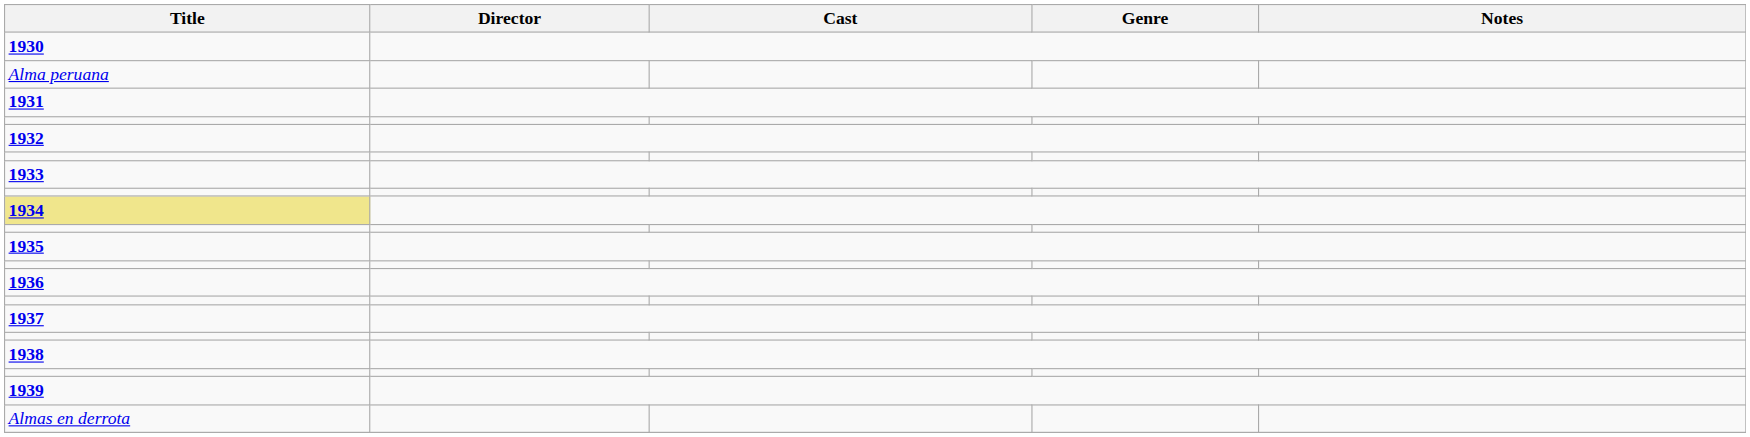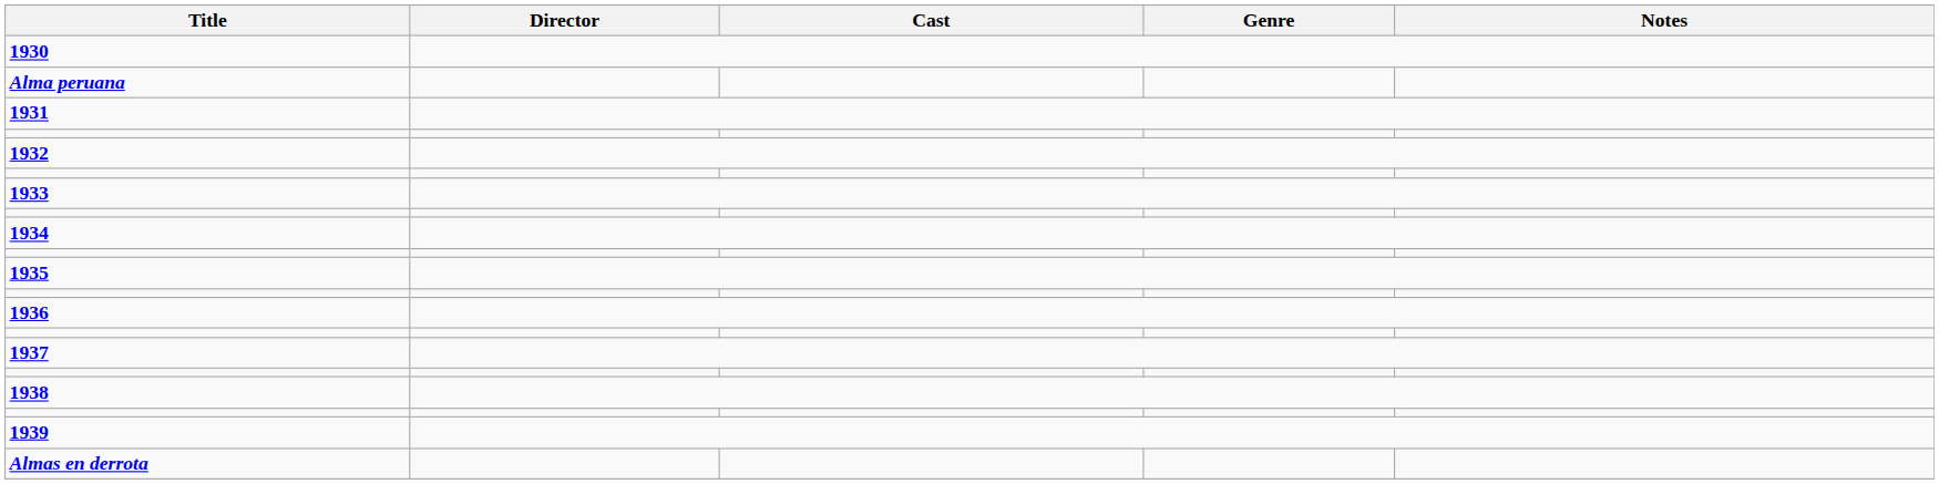 <table class="wikitable" width= "100%">
 <tr>
 <th width=21%>Title</th>
 <th width=16%>Director</th>
 <th width=22%>Cast</th>
 <th width=13%>Genre</th>
 <th width=28%>Notes</th>
 </tr>
 <tr>
 <td><strong><a href='#'>1930</a></strong></td>
 </tr>
 <tr>
-<td><em><a href='#'>Alma peruana</a> </em></td>
+<td><strong><em><a href='#'>Alma peruana</a> </em></strong></td>
 <td></td>
 <td></td>
 <td></td>
 <td></td>
 </tr>
 <tr>
 <td><strong><a href='#'>1931</a></strong></td>
 </tr>
 <tr>
 <td></td>
 <td></td>
 <td></td>
 <td></td>
 <td></td>
 </tr>
 <tr>
 <td><strong><a href='#'>1932</a></strong></td>
 </tr>
 <tr>
 <td></td>
 <td></td>
 <td></td>
 <td></td>
 <td></td>
 </tr>
 <tr>
 <td><strong><a href='#'>1933</a></strong></td>
 </tr>
 <tr>
 <td></td>
 <td></td>
 <td></td>
 <td></td>
 <td></td>
 </tr>
 <tr>
-<td style="background: khaki;"><strong><a href='#'>1934</a></strong></td>
+<td><strong><a href='#'>1934</a></strong></td>
 </tr>
 <tr>
 <td></td>
 <td></td>
 <td></td>
 <td></td>
 <td></td>
 </tr>
 <tr>
 <td><strong><a href='#'>1935</a></strong></td>
 </tr>
 <tr>
 <td></td>
 <td></td>
 <td></td>
 <td></td>
 <td></td>
 </tr>
 <tr>
 <td><strong><a href='#'>1936</a></strong></td>
 </tr>
 <tr>
 <td></td>
 <td></td>
 <td></td>
 <td></td>
 <td></td>
 </tr>
 <tr>
 <td><strong><a href='#'>1937</a></strong></td>
 </tr>
 <tr>
 <td></td>
 <td></td>
 <td></td>
 <td></td>
 <td></td>
 </tr>
 <tr>
 <td><strong><a href='#'>1938</a></strong></td>
 </tr>
 <tr>
 <td></td>
 <td></td>
 <td></td>
 <td></td>
 <td></td>
 </tr>
 <tr>
 <td><strong><a href='#'>1939</a></strong></td>
 </tr>
 <tr>
-<td><em><a href='#'>Almas en derrota</a></em></td>
+<td><strong><em><a href='#'>Almas en derrota</a></em></strong></td>
 <td></td>
 <td></td>
 <td></td>
 <td></td>
 </tr>
 <tr>
 </tr>
 </table>
